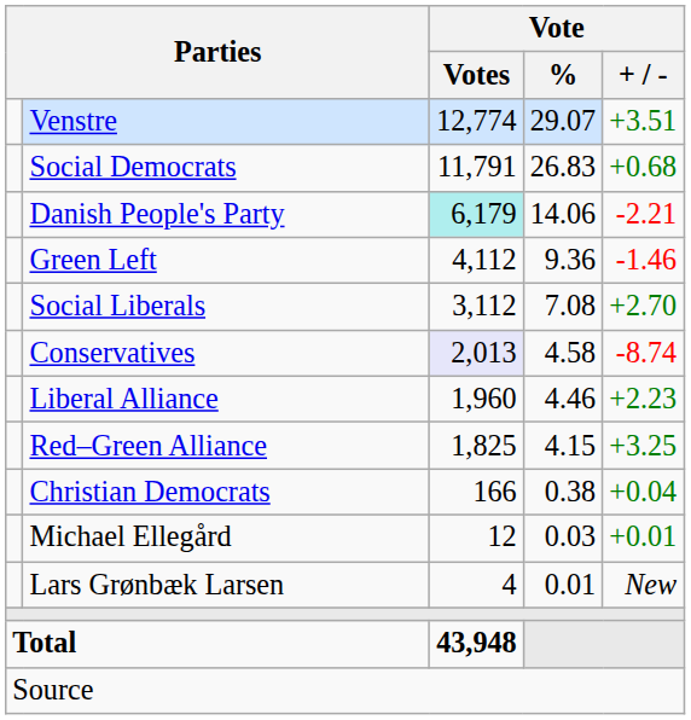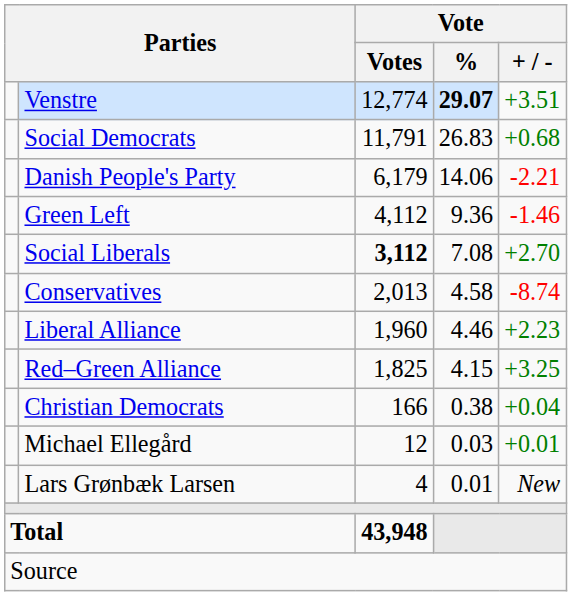 <table class="wikitable" style="text-align:right;">
 <tr>
 <th style="text-align:centre;" rowspan="2" colspan="2" width="225">Parties</th>
 <th colspan="3">Vote</th>
 </tr>
 <tr>
 <th width="15">Votes</th>
 <th width="15">%</th>
 <th width="15">+ / -</th>
 </tr>
 <tr>
 <td width="2" style="color:inherit;background:"></td>
 <td bgcolor=#cfe5fe  align="left"><a href='#'>Venstre</a></td>
 <td bgcolor=#cfe5fe>12,774</td>
-<td bgcolor=#cfe5fe>29.07</td>
+<td bgcolor=#cfe5fe><strong>29.07</strong></td>
 <td style=color:green;>+3.51</td>
 </tr>
 <tr>
 <td width="2" style="color:inherit;background:"></td>
 <td align="left"><a href='#'>Social Democrats</a></td>
 <td>11,791</td>
 <td>26.83</td>
 <td style=color:green;>+0.68</td>
 </tr>
 <tr>
 <td width="2" style="color:inherit;background:"></td>
 <td align="left"><a href='#'>Danish People's Party</a></td>
-<td style="background: paleturquoise;">6,179</td>
+<td>6,179</td>
 <td>14.06</td>
 <td style=color:red;>-2.21</td>
 </tr>
 <tr>
 <td width="2" style="color:inherit;background:"></td>
 <td align="left"><a href='#'>Green Left</a></td>
 <td>4,112</td>
 <td>9.36</td>
 <td style=color:red;>-1.46</td>
 </tr>
 <tr>
 <td width="2" style="color:inherit;background:"></td>
 <td align="left"><a href='#'>Social Liberals</a></td>
-<td>3,112</td>
+<td><strong>3,112</strong></td>
 <td>7.08</td>
 <td style=color:green;>+2.70</td>
 </tr>
 <tr>
 <td width="2" style="color:inherit;background:"></td>
 <td align="left"><a href='#'>Conservatives</a></td>
-<td style="background: lavender;">2,013</td>
+<td>2,013</td>
 <td>4.58</td>
 <td style=color:red;>-8.74</td>
 </tr>
 <tr>
 <td width="2" style="color:inherit;background:"></td>
 <td align="left"><a href='#'>Liberal Alliance</a></td>
 <td>1,960</td>
 <td>4.46</td>
 <td style=color:green;>+2.23</td>
 </tr>
 <tr>
 <td width="2" style="color:inherit;background:"></td>
 <td align="left"><a href='#'>Red–Green Alliance</a></td>
 <td>1,825</td>
 <td>4.15</td>
 <td style=color:green;>+3.25</td>
 </tr>
 <tr>
 <td width="2" style="color:inherit;background:"></td>
 <td align="left"><a href='#'>Christian Democrats</a></td>
 <td>166</td>
 <td>0.38</td>
 <td style=color:green;>+0.04</td>
 </tr>
 <tr>
 <td width="2" style="color:inherit;background:"></td>
 <td align="left">Michael Ellegård</td>
 <td>12</td>
 <td>0.03</td>
 <td style=color:green;>+0.01</td>
 </tr>
 <tr>
 <td width="2" style="color:inherit;background:"></td>
 <td align="left">Lars Grønbæk Larsen</td>
 <td>4</td>
 <td>0.01</td>
 <td><em>New</em></td>
 </tr>
 <tr>
 <td colspan="7" bgcolor="#E9E9E9"></td>
 </tr>
 <tr>
 <td align="left" colspan="2"><strong>Total</strong></td>
 <td><strong>43,948</strong></td>
 <td bgcolor="#E9E9E9" colspan="2"></td>
 </tr>
 <tr>
 <td align="left" colspan="6">Source</td>
 </tr>
 </table>
